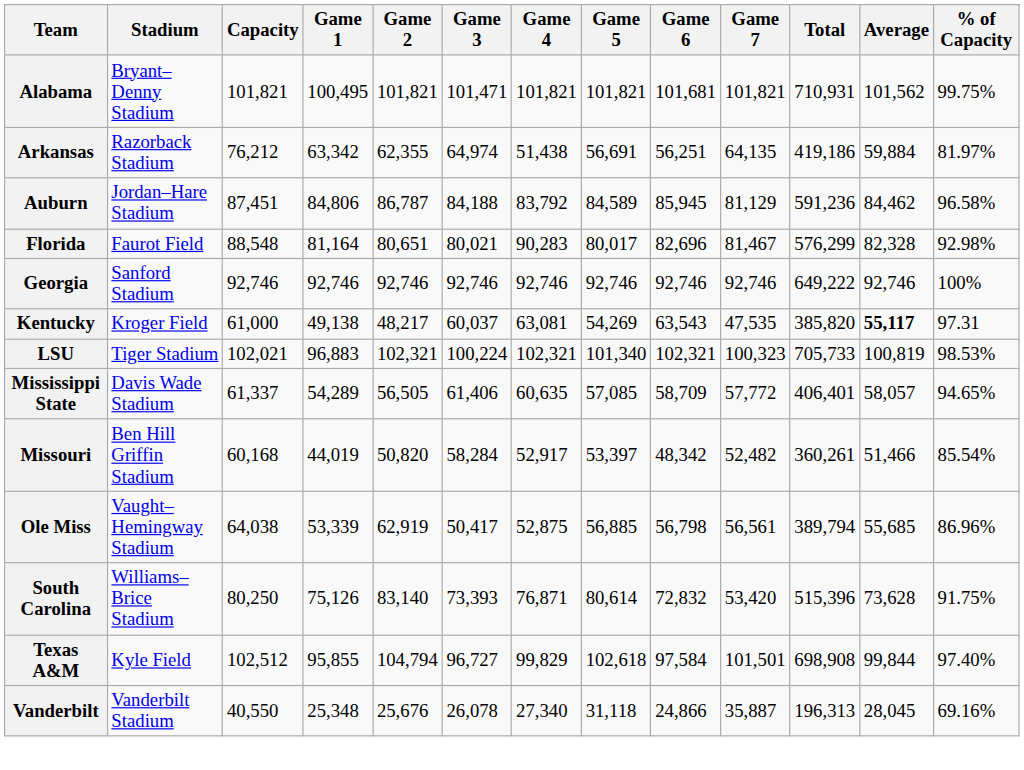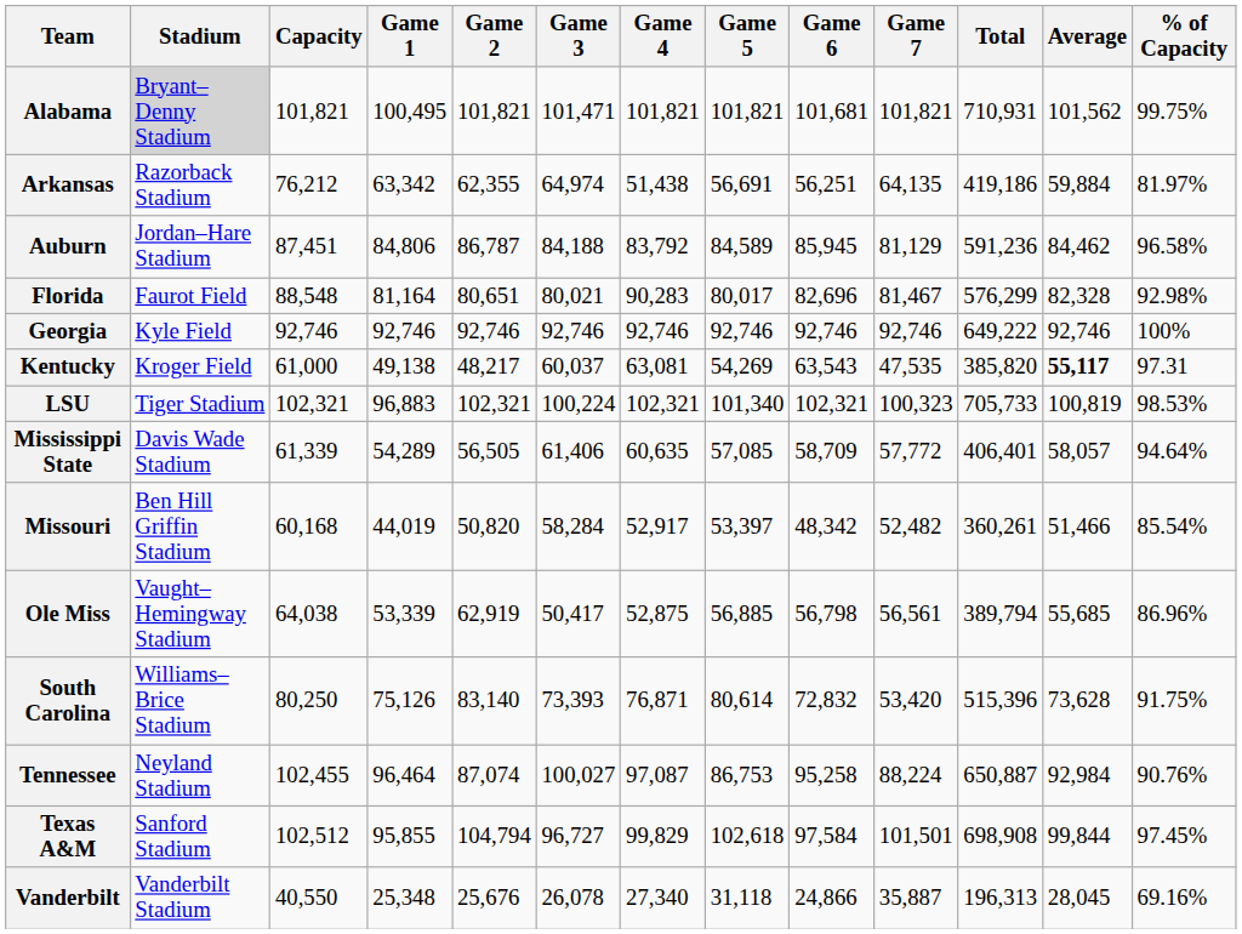 <table class="wikitable sortable">
 <tr>
 <th>Team</th>
 <th>Stadium</th>
 <th>Capacity</th>
 <th>Game 1</th>
 <th>Game 2</th>
 <th>Game 3</th>
 <th>Game 4</th>
 <th>Game 5</th>
 <th>Game 6</th>
 <th>Game 7</th>
 <th>Total</th>
 <th>Average</th>
 <th>% of Capacity</th>
 </tr>
 <tr>
 <th>Alabama</th>
-<td><a href='#'>Bryant–Denny Stadium</a></td>
+<td style="background: lightgrey;"><a href='#'>Bryant–Denny Stadium</a></td>
 <td>101,821</td>
 <td>100,495</td>
 <td>101,821</td>
 <td>101,471</td>
 <td>101,821</td>
 <td>101,821</td>
 <td>101,681</td>
 <td>101,821</td>
 <td>710,931</td>
 <td>101,562</td>
 <td>99.75%</td>
 </tr>
 <tr>
 <th>Arkansas</th>
 <td><a href='#'>Razorback Stadium</a></td>
 <td>76,212</td>
 <td>63,342</td>
 <td>62,355</td>
 <td>64,974</td>
 <td>51,438</td>
 <td>56,691</td>
 <td>56,251</td>
 <td>64,135</td>
 <td>419,186</td>
 <td>59,884</td>
 <td>81.97%</td>
 </tr>
 <tr>
 <th>Auburn</th>
 <td><a href='#'>Jordan–Hare Stadium</a></td>
 <td>87,451</td>
 <td>84,806</td>
 <td>86,787</td>
 <td>84,188</td>
 <td>83,792</td>
 <td>84,589</td>
 <td>85,945</td>
 <td>81,129</td>
 <td>591,236</td>
 <td>84,462</td>
 <td>96.58%</td>
 </tr>
 <tr>
 <th>Florida</th>
 <td><a href='#'>Faurot Field</a></td>
 <td>88,548</td>
 <td>81,164</td>
 <td>80,651</td>
 <td>80,021</td>
 <td>90,283</td>
 <td>80,017</td>
 <td>82,696</td>
 <td>81,467</td>
 <td>576,299</td>
 <td>82,328</td>
 <td>92.98%</td>
 </tr>
 <tr>
 <th>Georgia</th>
-<td><a href='#'>Sanford Stadium</a></td>
+<td><a href='#'>Kyle Field</a></td>
 <td>92,746</td>
 <td>92,746</td>
 <td>92,746</td>
 <td>92,746</td>
 <td>92,746</td>
 <td>92,746</td>
 <td>92,746</td>
 <td>92,746</td>
 <td>649,222</td>
 <td>92,746</td>
 <td>100%</td>
 </tr>
 <tr>
 <th>Kentucky</th>
 <td><a href='#'>Kroger Field</a></td>
 <td>61,000</td>
 <td>49,138</td>
 <td>48,217</td>
 <td>60,037</td>
 <td>63,081</td>
 <td>54,269</td>
 <td>63,543</td>
 <td>47,535</td>
 <td>385,820</td>
 <td><strong>55,117</strong></td>
 <td>97.31</td>
 </tr>
 <tr>
 <th>LSU</th>
 <td><a href='#'>Tiger Stadium</a></td>
-<td>102,021</td>
+<td>102,321</td>
 <td>96,883</td>
 <td>102,321</td>
 <td>100,224</td>
 <td>102,321</td>
 <td>101,340</td>
 <td>102,321</td>
 <td>100,323</td>
 <td>705,733</td>
 <td>100,819</td>
 <td>98.53%</td>
 </tr>
 <tr>
 <th>Mississippi State</th>
 <td><a href='#'>Davis Wade Stadium</a></td>
-<td>61,337</td>
+<td>61,339</td>
 <td>54,289</td>
 <td>56,505</td>
 <td>61,406</td>
 <td>60,635</td>
 <td>57,085</td>
 <td>58,709</td>
 <td>57,772</td>
 <td>406,401</td>
 <td>58,057</td>
-<td>94.65%</td>
+<td>94.64%</td>
 </tr>
 <tr>
 <th>Missouri</th>
 <td><a href='#'>Ben Hill Griffin Stadium</a></td>
 <td>60,168</td>
 <td>44,019</td>
 <td>50,820</td>
 <td>58,284</td>
 <td>52,917</td>
 <td>53,397</td>
 <td>48,342</td>
 <td>52,482</td>
 <td>360,261</td>
 <td>51,466</td>
 <td>85.54%</td>
 </tr>
 <tr>
 <th>Ole Miss</th>
 <td><a href='#'>Vaught–Hemingway Stadium</a></td>
 <td>64,038</td>
 <td>53,339</td>
 <td>62,919</td>
 <td>50,417</td>
 <td>52,875</td>
 <td>56,885</td>
 <td>56,798</td>
 <td>56,561</td>
 <td>389,794</td>
 <td>55,685</td>
 <td>86.96%</td>
 </tr>
 <tr>
 <th>South Carolina</th>
 <td><a href='#'>Williams–Brice Stadium</a></td>
 <td>80,250</td>
 <td>75,126</td>
 <td>83,140</td>
 <td>73,393</td>
 <td>76,871</td>
 <td>80,614</td>
 <td>72,832</td>
 <td>53,420</td>
 <td>515,396</td>
 <td>73,628</td>
 <td>91.75%</td>
 </tr>
 <tr>
+<th>Tennessee</th>
+<td><a href='#'>Neyland Stadium</a></td>
+<td>102,455</td>
+<td>96,464</td>
+<td>87,074</td>
+<td>100,027</td>
+<td>97,087</td>
+<td>86,753</td>
+<td>95,258</td>
+<td>88,224</td>
+<td>650,887</td>
+<td>92,984</td>
+<td>90.76%</td>
+</tr>
+<tr>
 <th>Texas A&M</th>
-<td><a href='#'>Kyle Field</a></td>
+<td><a href='#'>Sanford Stadium</a></td>
 <td>102,512</td>
 <td>95,855</td>
 <td>104,794</td>
 <td>96,727</td>
 <td>99,829</td>
 <td>102,618</td>
 <td>97,584</td>
 <td>101,501</td>
 <td>698,908</td>
 <td>99,844</td>
-<td>97.40%</td>
+<td>97.45%</td>
 </tr>
 <tr>
 <th>Vanderbilt</th>
 <td><a href='#'>Vanderbilt Stadium</a></td>
 <td>40,550</td>
 <td>25,348</td>
 <td>25,676</td>
 <td>26,078</td>
 <td>27,340</td>
 <td>31,118</td>
 <td>24,866</td>
 <td>35,887</td>
 <td>196,313</td>
 <td>28,045</td>
 <td>69.16%</td>
 </tr>
 </table>
